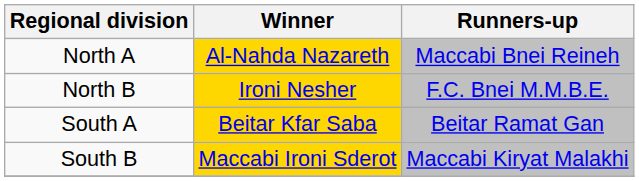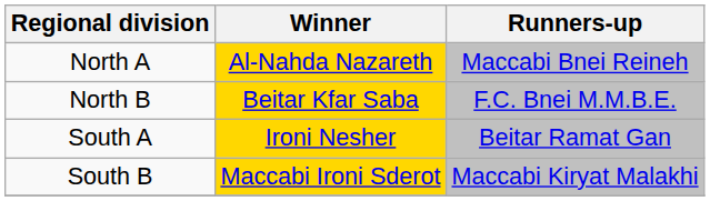 <table class="wikitable sortable" style="text-align:center;">
 <tr>
 <th>Regional division</th>
 <th>Winner</th>
 <th>Runners-up</th>
 </tr>
 <tr>
 <td>North A</td>
 <td bgcolor="gold"><a href='#'>Al-Nahda Nazareth</a></td>
 <td bgcolor="silver"><a href='#'>Maccabi Bnei Reineh</a></td>
 </tr>
 <tr>
 <td>North B</td>
-<td bgcolor="gold"><a href='#'>Ironi Nesher</a></td>
+<td bgcolor="gold"><a href='#'>Beitar Kfar Saba</a></td>
 <td bgcolor="silver"><a href='#'>F.C. Bnei M.M.B.E.</a></td>
 </tr>
 <tr>
 <td>South A</td>
-<td bgcolor="gold"><a href='#'>Beitar Kfar Saba</a></td>
+<td bgcolor="gold"><a href='#'>Ironi Nesher</a></td>
 <td bgcolor="silver"><a href='#'>Beitar Ramat Gan</a></td>
 </tr>
 <tr>
 <td>South B</td>
 <td bgcolor="gold"><a href='#'>Maccabi Ironi Sderot</a></td>
 <td bgcolor="silver"><a href='#'>Maccabi Kiryat Malakhi</a></td>
 </tr>
 <tr>
 </tr>
 </table>
